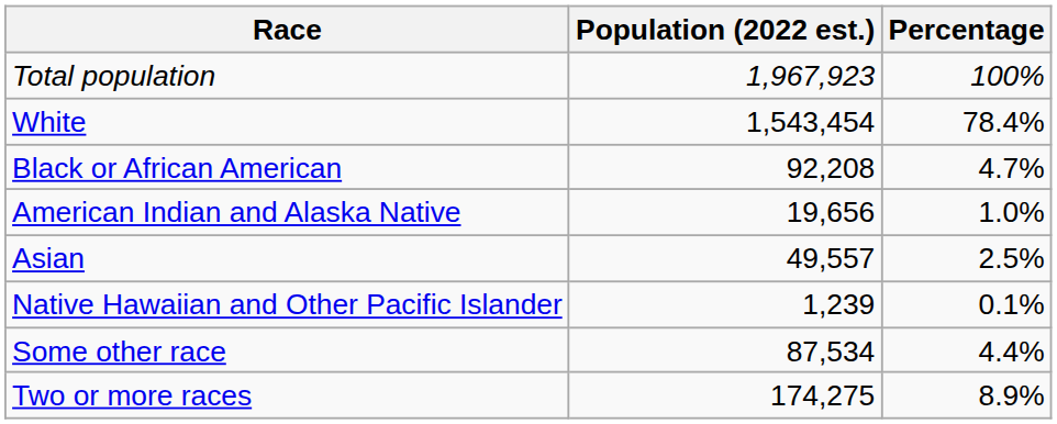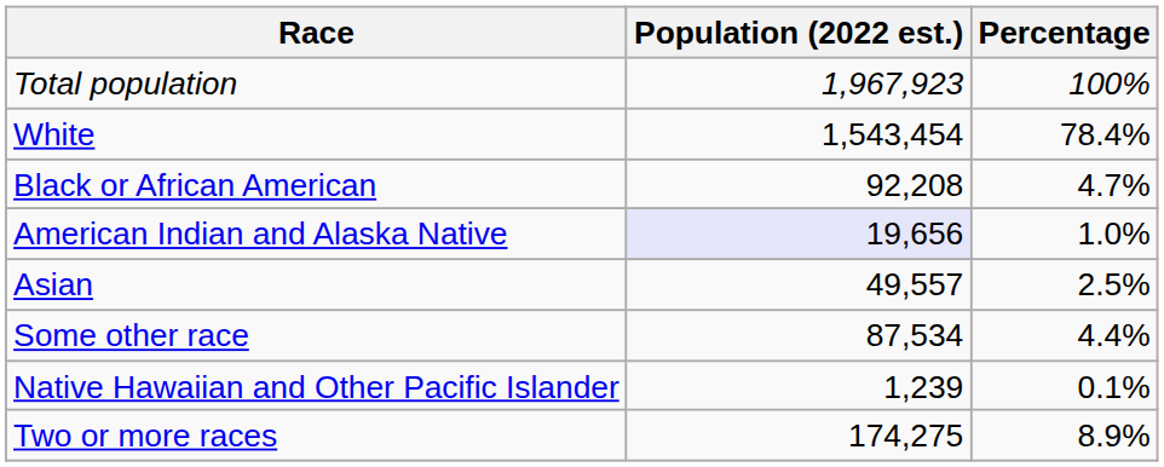 <table class="wikitable sortable collapsible nowrap" style="font-size: 90%; text-align: right; display:inline-table;">
 <tr>
 <th>Race</th>
 <th>Population (2022 est.)</th>
 <th>Percentage</th>
 </tr>
 <tr>
 <td style="text-align: left;"><em>Total population</em></td>
 <td><em>1,967,923</em></td>
 <td><em>100%</em></td>
 </tr>
 <tr>
 <td style="text-align: left;"><a href='#'>White</a></td>
 <td>1,543,454</td>
 <td>78.4%</td>
 </tr>
 <tr>
 <td style="text-align: left;"><a href='#'>Black or African American</a></td>
 <td>92,208</td>
 <td>4.7%</td>
 </tr>
 <tr>
 <td style="text-align: left;"><a href='#'>American Indian and Alaska Native</a></td>
-<td>19,656</td>
+<td style="background: lavender;">19,656</td>
 <td>1.0%</td>
 </tr>
 <tr>
 <td style="text-align: left;"><a href='#'>Asian</a></td>
 <td>49,557</td>
 <td>2.5%</td>
 </tr>
 <tr>
+<td style="text-align: left;"><a href='#'>Some other race</a></td>
+<td>87,534</td>
+<td>4.4%</td>
+</tr>
+<tr>
 <td style="text-align: left;"><a href='#'>Native Hawaiian and Other Pacific Islander</a></td>
 <td>1,239</td>
 <td>0.1%</td>
-</tr>
-<tr>
-<td style="text-align: left;"><a href='#'>Some other race</a></td>
-<td>87,534</td>
-<td>4.4%</td>
 </tr>
 <tr>
 <td style="text-align: left;"><a href='#'>Two or more races</a></td>
 <td>174,275</td>
 <td>8.9%</td>
 </tr>
 </table>
